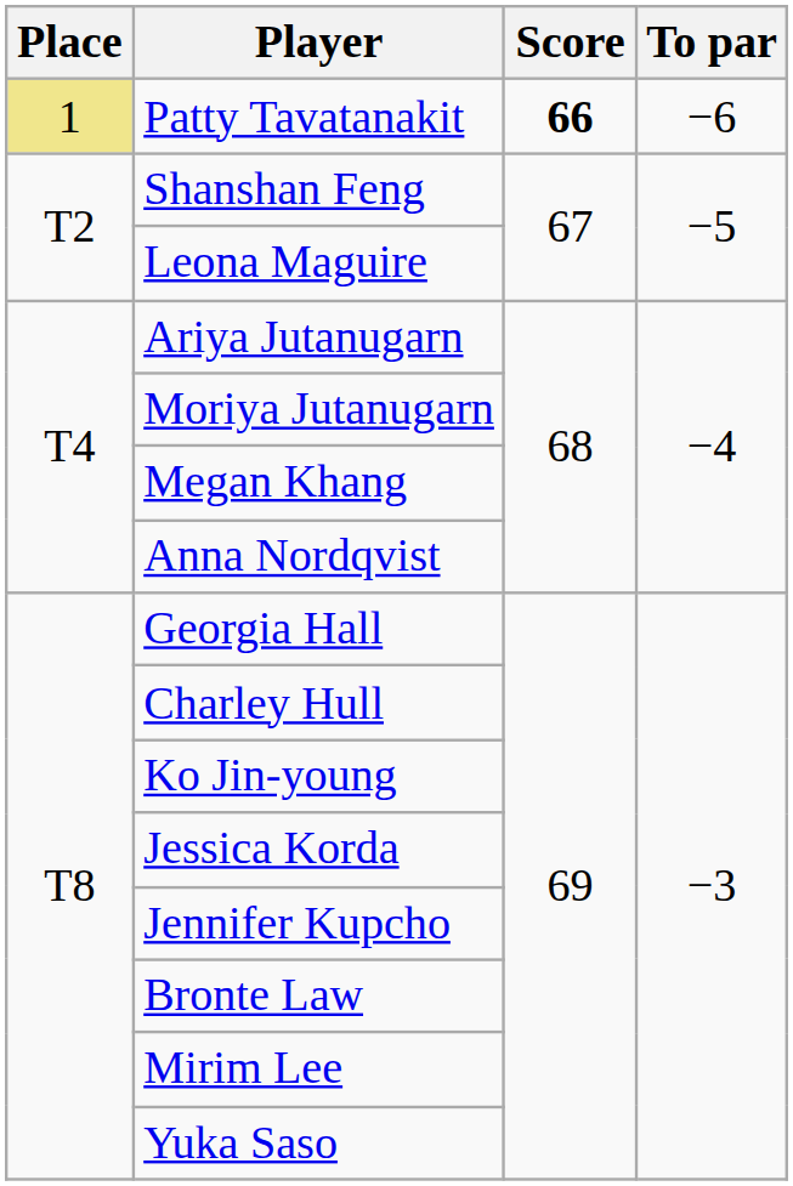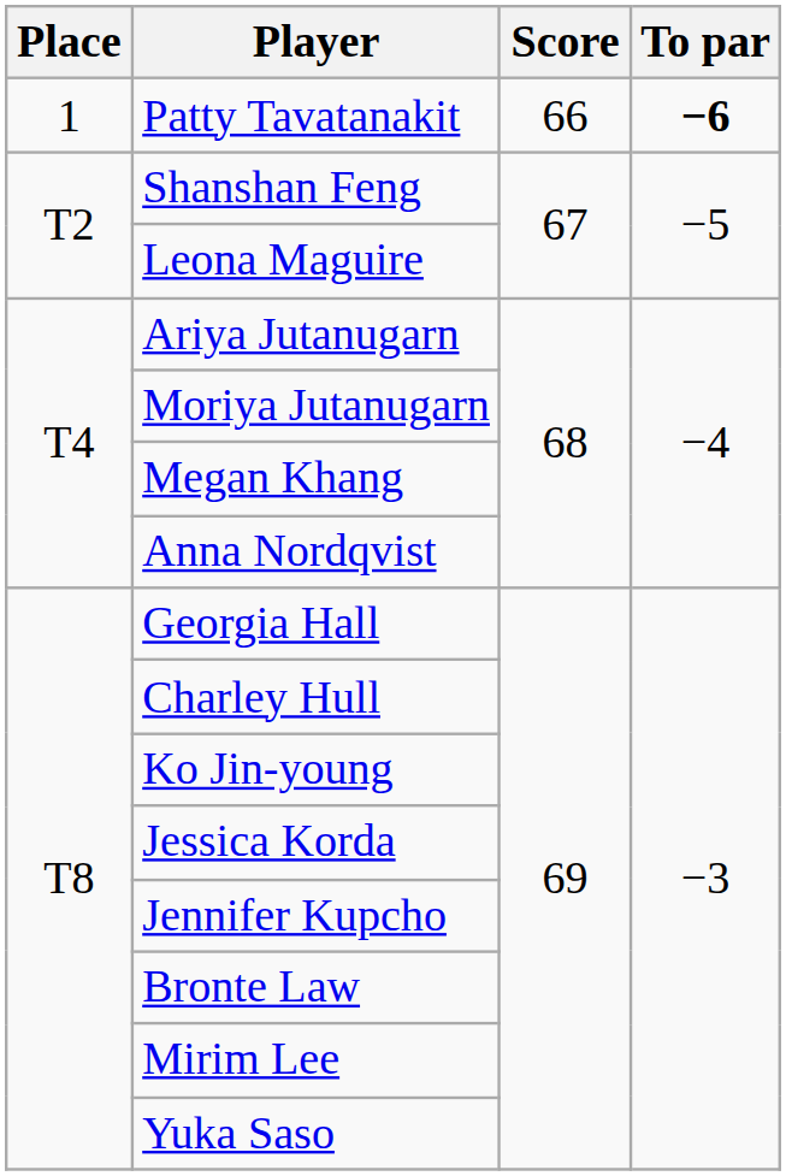 <table class="wikitable">
 <tr>
 <th>Place</th>
 <th>Player</th>
 <th>Score</th>
 <th>To par</th>
 </tr>
 <tr>
-<td align=center style="background: khaki;">1</td>
+<td align=center>1</td>
 <td> <a href='#'>Patty Tavatanakit</a></td>
-<td align=center><strong>66</strong></td>
-<td align=center>−6</td>
+<td align=center>66</td>
+<td align=center><strong>−6</strong></td>
 </tr>
 <tr>
 <td rowspan=2 align=center>T2</td>
 <td> <a href='#'>Shanshan Feng</a></td>
 <td rowspan=2 align=center>67</td>
 <td rowspan=2 align=center>−5</td>
 </tr>
 <tr>
 <td> <a href='#'>Leona Maguire</a></td>
 </tr>
 <tr>
 <td rowspan=4 align=center>T4</td>
 <td> <a href='#'>Ariya Jutanugarn</a></td>
 <td rowspan=4 align=center>68</td>
 <td rowspan=4 align=center>−4</td>
 </tr>
 <tr>
 <td> <a href='#'>Moriya Jutanugarn</a></td>
 </tr>
 <tr>
 <td> <a href='#'>Megan Khang</a></td>
 </tr>
 <tr>
 <td> <a href='#'>Anna Nordqvist</a></td>
 </tr>
 <tr>
 <td rowspan=8 align=center>T8</td>
 <td> <a href='#'>Georgia Hall</a></td>
 <td rowspan=8 align=center>69</td>
 <td rowspan=8 align=center>−3</td>
 </tr>
 <tr>
 <td> <a href='#'>Charley Hull</a></td>
 </tr>
 <tr>
 <td> <a href='#'>Ko Jin-young</a></td>
 </tr>
 <tr>
 <td> <a href='#'>Jessica Korda</a></td>
 </tr>
 <tr>
 <td> <a href='#'>Jennifer Kupcho</a></td>
 </tr>
 <tr>
 <td> <a href='#'>Bronte Law</a></td>
 </tr>
 <tr>
 <td> <a href='#'>Mirim Lee</a></td>
 </tr>
 <tr>
 <td> <a href='#'>Yuka Saso</a></td>
 </tr>
 </table>
